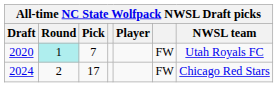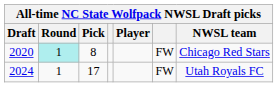 <table class="wikitable sortable" style="text-align: center;">
 <tr>
 <th colspan="7" style="background:#">All-time <a href='#'><span>NC State Wolfpack</span></a> NWSL Draft picks</th>
 </tr>
 <tr>
 <th scope="col">Draft</th>
 <th scope="col">Round</th>
 <th scope="col">Pick</th>
 <th scope="col"></th>
 <th scope="col">Player</th>
 <th scope="col"></th>
 <th scope="col">NWSL team</th>
 </tr>
 <tr>
 <td><a href='#'>2020</a></td>
 <td style="background: paleturquoise;">1</td>
-<td>7</td>
+<td>8</td>
+<td></td>
+<td></td>
+<td>FW</td>
+<td><a href='#'>Chicago Red Stars</a></td>
+</tr>
+<tr>
+<td><a href='#'>2024</a></td>
+<td>1</td>
+<td>17</td>
 <td></td>
 <td></td>
 <td>FW</td>
 <td><a href='#'>Utah Royals FC</a></td>
 </tr>
-<tr>
-<td><a href='#'>2024</a></td>
-<td>2</td>
-<td>17</td>
-<td></td>
-<td></td>
-<td>FW</td>
-<td><a href='#'>Chicago Red Stars</a></td>
-</tr>
 </table>
